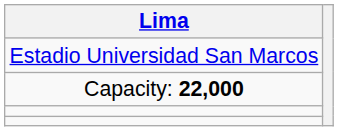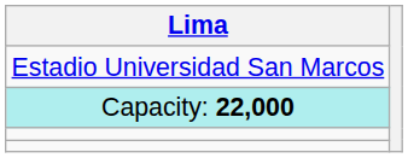 <table class=wikitable style="text-align:center">
 <tr>
 <th><a href='#'>Lima</a></th>
 <th rowspan=8></th>
 </tr>
 <tr>
 <td><a href='#'>Estadio Universidad San Marcos</a></td>
 </tr>
 <tr>
-<td>Capacity: <strong>22,000</strong></td>
+<td style="background: paleturquoise;">Capacity: <strong>22,000</strong></td>
 </tr>
 <tr>
 <td><small></small></td>
 </tr>
 <tr>
 <td></td>
 </tr>
 </table>
